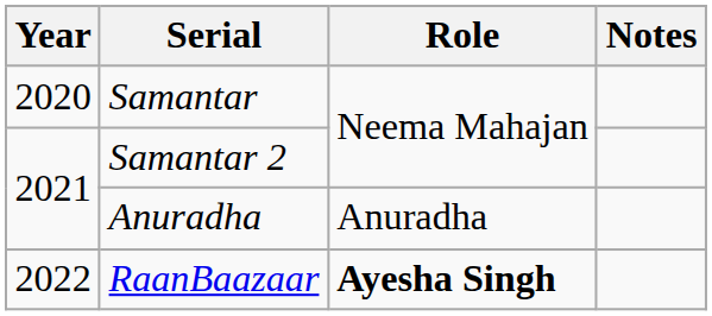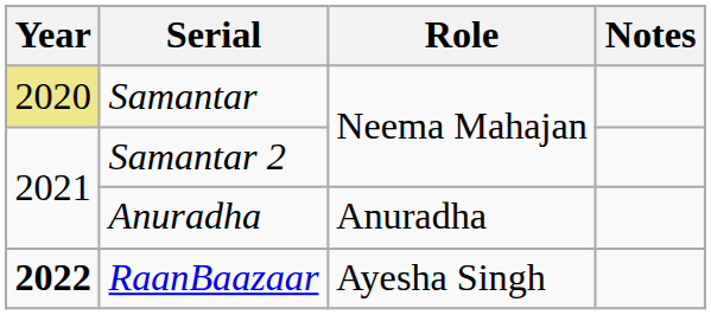 <table class="wikitable sortable">
 <tr>
 <th>Year</th>
 <th>Serial</th>
 <th>Role</th>
 <th>Notes</th>
 </tr>
 <tr>
-<td>2020</td>
+<td style="background: khaki;">2020</td>
 <td><em>Samantar</em></td>
 <td rowspan="2">Neema Mahajan</td>
 <td></td>
 </tr>
 <tr>
 <td rowspan="2">2021</td>
 <td><em>Samantar 2</em></td>
 <td></td>
 </tr>
 <tr>
 <td><em>Anuradha</em></td>
 <td>Anuradha</td>
 <td></td>
 </tr>
 <tr>
-<td>2022</td>
+<td><strong>2022</strong></td>
 <td><em><a href='#'>RaanBaazaar</a></em></td>
-<td><strong>Ayesha Singh</strong></td>
+<td>Ayesha Singh</td>
 <td></td>
 </tr>
 </table>
